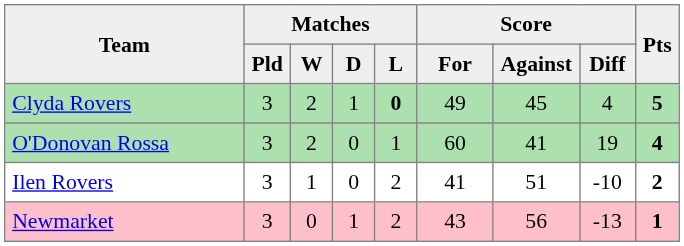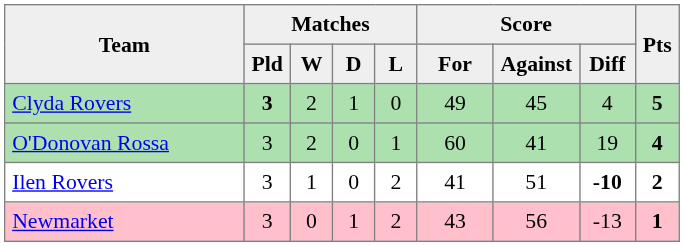 <table style=border-collapse:collapse border=1 cellspacing=0 cellpadding=5>
 <tr align=center bgcolor=#efefef>
 <th rowspan=2 width=165>Team</th>
 <th colspan=4>Matches</th>
 <th colspan=3>Score</th>
 <th rowspan=2width=20>Pts</th>
 </tr>
 <tr align=center bgcolor=#efefef>
 <th width=20>Pld</th>
 <th width=20>W</th>
 <th width=20>D</th>
 <th width=20>L</th>
 <th width=45>For</th>
 <th width=45>Against</th>
 <th width=30>Diff</th>
 </tr>
 <tr align=center style="background:#ACE1AF;">
 <td style="text-align:left;"><a href='#'>Clyda Rovers</a></td>
-<td>3</td>
+<td><strong>3</strong></td>
 <td>2</td>
 <td>1</td>
-<td><strong>0</strong></td>
+<td>0</td>
 <td>49</td>
 <td>45</td>
 <td>4</td>
 <td><strong>5</strong></td>
 </tr>
 <tr align=center style="background:#ACE1AF;">
 <td style="text-align:left;"><a href='#'>O'Donovan Rossa</a></td>
 <td>3</td>
 <td>2</td>
 <td>0</td>
 <td>1</td>
 <td>60</td>
 <td>41</td>
 <td>19</td>
 <td><strong>4</strong></td>
 </tr>
 <tr align=center>
 <td style="text-align:left;"><a href='#'>Ilen Rovers</a></td>
 <td>3</td>
 <td>1</td>
 <td>0</td>
 <td>2</td>
 <td>41</td>
 <td>51</td>
-<td>-10</td>
+<td><strong>-10</strong></td>
 <td><strong>2</strong></td>
 </tr>
 <tr align=center style="background:#FFC0CB;">
 <td style="text-align:left;"><a href='#'>Newmarket</a></td>
 <td>3</td>
 <td>0</td>
 <td>1</td>
 <td>2</td>
 <td>43</td>
 <td>56</td>
 <td>-13</td>
 <td><strong>1</strong></td>
 </tr>
 </table>
